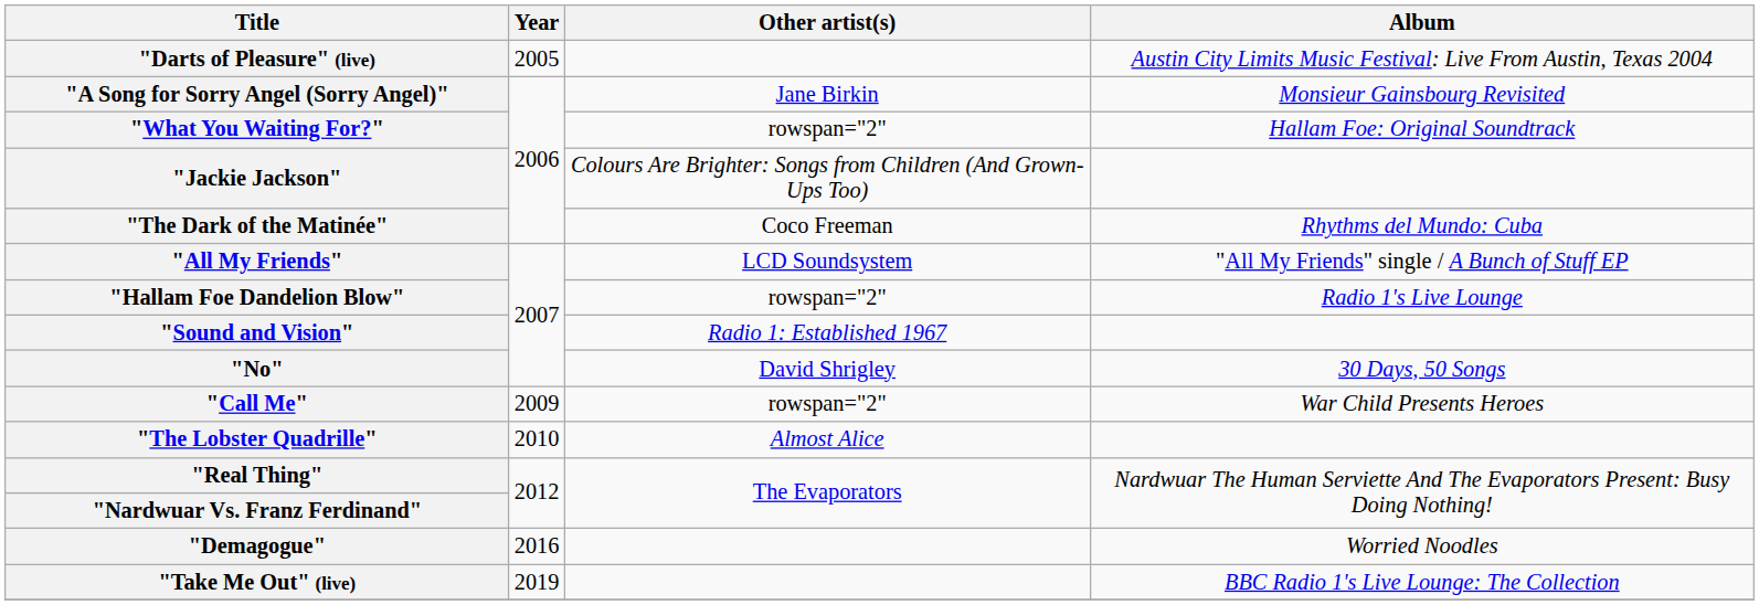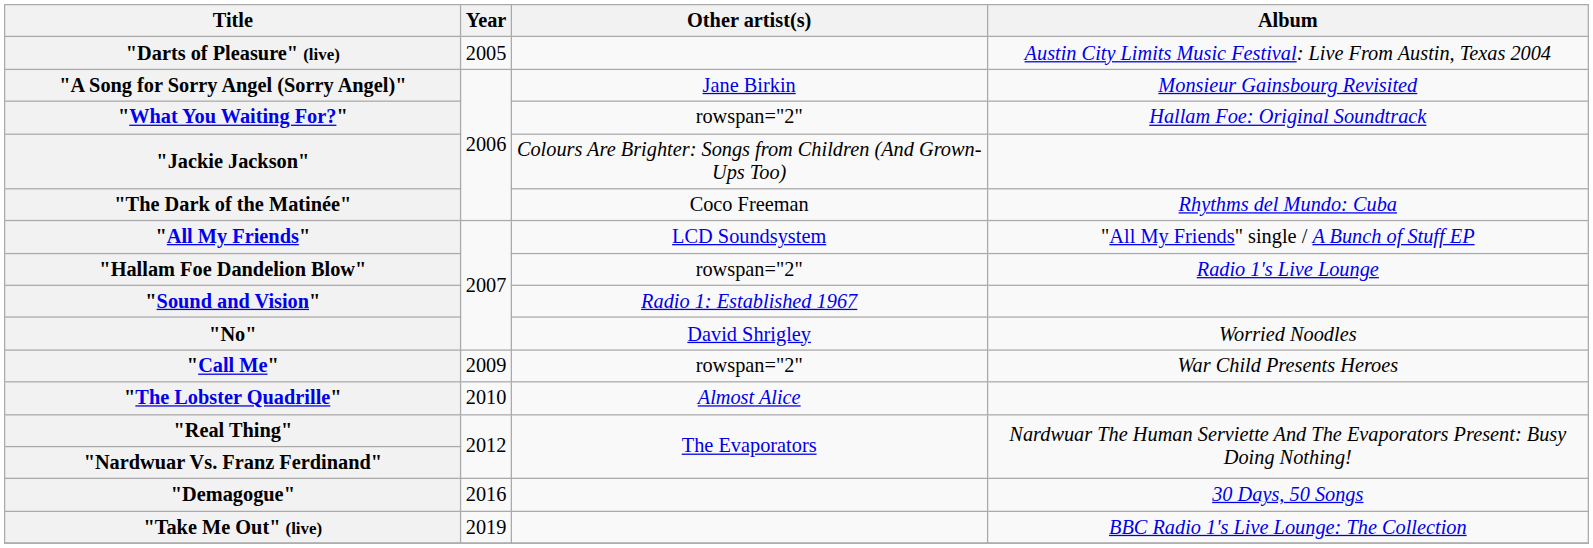 <table class="wikitable plainrowheaders" style="text-align:center;" border="1">
 <tr>
 <th scope="col" style="width:22em;">Title</th>
 <th scope="col">Year</th>
 <th scope="col">Other artist(s)</th>
 <th scope="col">Album</th>
 </tr>
 <tr>
 <th scope="row">"Darts of Pleasure" <small>(live)</small></th>
 <td rowspan="1">2005</td>
 <td></td>
 <td><em><a href='#'>Austin City Limits Music Festival</a>: Live From Austin, Texas 2004</em></td>
 </tr>
 <tr>
 <th scope="row">"A Song for Sorry Angel (Sorry Angel)"</th>
 <td rowspan="4">2006</td>
 <td><a href='#'>Jane Birkin</a></td>
 <td><em><a href='#'>Monsieur Gainsbourg Revisited</a></em></td>
 </tr>
 <tr>
 <th scope="row">"<a href='#'>What You Waiting For?</a>"</th>
 <td>rowspan="2" </td>
 <td><em><a href='#'>Hallam Foe: Original Soundtrack</a></em></td>
 </tr>
 <tr>
 <th scope="row">"Jackie Jackson"</th>
 <td><em>Colours Are Brighter: Songs from Children (And Grown-Ups Too)</em></td>
 </tr>
 <tr>
 <th scope="row">"The Dark of the Matinée"</th>
 <td>Coco Freeman</td>
 <td><em><a href='#'>Rhythms del Mundo: Cuba</a></em></td>
 </tr>
 <tr>
 <th scope="row">"<a href='#'>All My Friends</a>"</th>
 <td rowspan="4">2007</td>
 <td><a href='#'>LCD Soundsystem</a></td>
 <td>"<a href='#'>All My Friends</a>" single / <em><a href='#'>A Bunch of Stuff EP</a></em></td>
 </tr>
 <tr>
 <th scope="row">"Hallam Foe Dandelion Blow"</th>
 <td>rowspan="2" </td>
 <td><em><a href='#'>Radio 1's Live Lounge</a></em></td>
 </tr>
 <tr>
 <th scope="row">"<a href='#'>Sound and Vision</a>"</th>
 <td><em><a href='#'>Radio 1: Established 1967</a></em></td>
 </tr>
 <tr>
 <th scope="row">"No"</th>
 <td><a href='#'>David Shrigley</a></td>
-<td><em><a href='#'>30 Days, 50 Songs</a></em></td>
+<td><em>Worried Noodles</em></td>
 </tr>
 <tr>
 <th scope="row">"<a href='#'>Call Me</a>"</th>
 <td>2009</td>
 <td>rowspan="2" </td>
 <td><em>War Child Presents Heroes</em></td>
 </tr>
 <tr>
 <th scope="row">"<a href='#'>The Lobster Quadrille</a>"</th>
 <td>2010</td>
 <td><em><a href='#'>Almost Alice</a></em></td>
 </tr>
 <tr>
 <th scope="row">"Real Thing"</th>
 <td rowspan="2">2012</td>
 <td rowspan="2"><a href='#'>The Evaporators</a></td>
 <td rowspan="2"><em>Nardwuar The Human Serviette And The Evaporators Present: Busy Doing Nothing!</em></td>
 </tr>
 <tr>
 <th scope="row">"Nardwuar Vs. Franz Ferdinand"</th>
 </tr>
 <tr>
 <th scope="row">"Demagogue"</th>
 <td>2016</td>
 <td></td>
-<td><em>Worried Noodles</em></td>
+<td><em><a href='#'>30 Days, 50 Songs</a></em></td>
 </tr>
 <tr>
 <th scope="row">"Take Me Out" <small>(live)</small></th>
 <td>2019</td>
 <td></td>
 <td><em><a href='#'>BBC Radio 1's Live Lounge: The Collection</a></em></td>
 </tr>
 <tr>
 </tr>
 </table>
